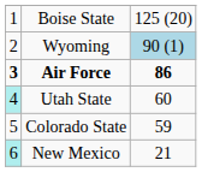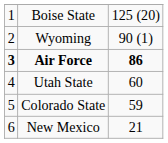 <table class="wikitable" style="display: inline-table;">
 <tr align="center">
 </tr>
 <tr align="center">
 <td>1</td>
 <td>Boise State</td>
 <td>125 (20)</td>
 </tr>
 <tr align="center">
 <td>2</td>
 <td>Wyoming</td>
-<td style="background: lightblue;">90 (1)</td>
+<td>90 (1)</td>
 </tr>
 <tr align="center">
 <td><strong>3</strong></td>
 <td><strong>Air Force</strong></td>
 <td><strong>86</strong></td>
 </tr>
 <tr align="center">
-<td style="background: paleturquoise;">4</td>
+<td>4</td>
 <td>Utah State</td>
 <td>60</td>
 </tr>
 <tr align="center">
 <td>5</td>
 <td>Colorado State</td>
 <td>59</td>
 </tr>
 <tr align="center">
-<td style="background: paleturquoise;">6</td>
+<td>6</td>
 <td>New Mexico</td>
 <td>21</td>
 </tr>
 </table>
